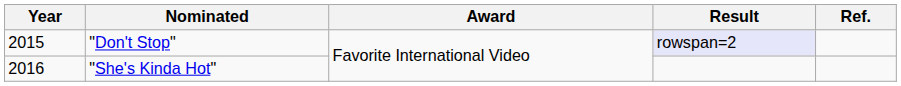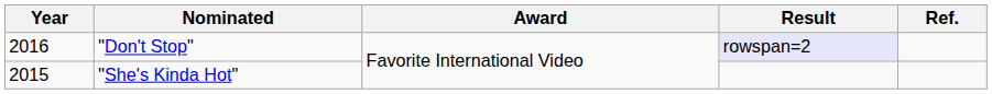 <table class="wikitable" style="width:100%;">
 <tr>
 <th width=5%>Year</th>
 <th style="width:15%;">Nominated</th>
 <th style="width:20%;">Award</th>
 <th style="width:10%;">Result</th>
 <th style="width:5%;">Ref.</th>
 </tr>
 <tr>
-<td>2015</td>
+<td>2016</td>
 <td>"<a href='#'>Don't Stop</a>"</td>
 <td rowspan="2">Favorite International Video</td>
 <td style="background: lavender;">rowspan=2 </td>
 <td></td>
 </tr>
 <tr>
-<td>2016</td>
+<td>2015</td>
 <td>"<a href='#'>She's Kinda Hot</a>"</td>
 <td></td>
 </tr>
 </table>
